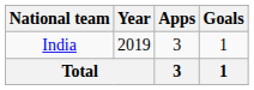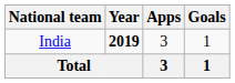 <table class="wikitable" style="text-align: center;">
 <tr>
 <th>National team</th>
 <th>Year</th>
 <th>Apps</th>
 <th>Goals</th>
 </tr>
 <tr>
 <td rowspan="1"><a href='#'>India</a></td>
-<td>2019</td>
+<td><strong>2019</strong></td>
 <td>3</td>
 <td>1</td>
 </tr>
 <tr>
 <th colspan="2">Total</th>
 <th>3</th>
 <th>1</th>
 </tr>
 </table>
